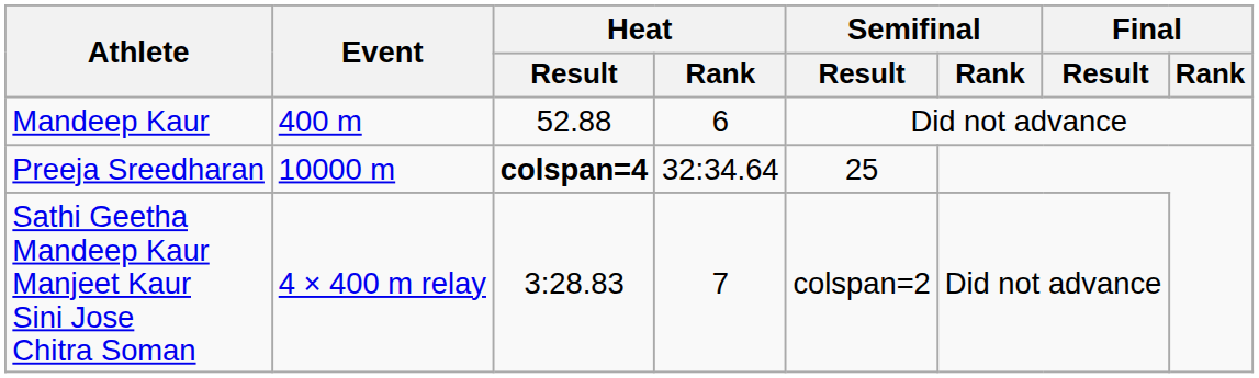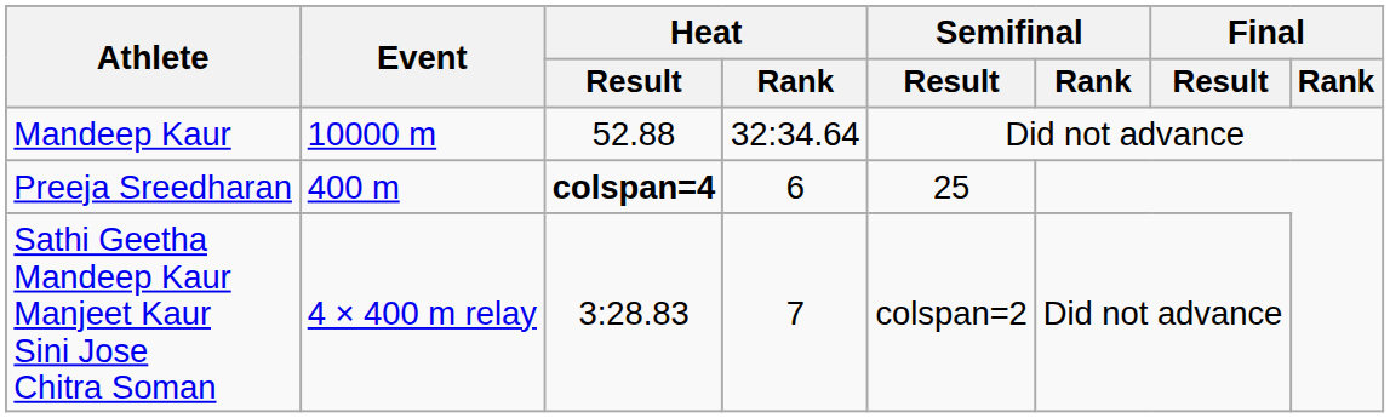 <table class=wikitable style="font-size:90%">
 <tr>
 <th rowspan="2">Athlete</th>
 <th rowspan="2">Event</th>
 <th colspan="2">Heat</th>
 <th colspan="2">Semifinal</th>
 <th colspan="2">Final</th>
 </tr>
 <tr style="font-size:95%">
 <th>Result</th>
 <th>Rank</th>
 <th>Result</th>
 <th>Rank</th>
 <th>Result</th>
 <th>Rank</th>
 </tr>
 <tr align=center>
 <td align=left><a href='#'>Mandeep Kaur</a></td>
-<td align=left><a href='#'>400 m</a></td>
+<td align=left><a href='#'>10000 m</a></td>
 <td>52.88</td>
-<td>6</td>
+<td>32:34.64</td>
 <td colspan=4>Did not advance</td>
 </tr>
 <tr align=center>
 <td align=left><a href='#'>Preeja Sreedharan</a></td>
-<td align=left><a href='#'>10000 m</a></td>
+<td align=left><a href='#'>400 m</a></td>
 <td><strong>colspan=4 </strong></td>
-<td>32:34.64</td>
+<td>6</td>
 <td>25</td>
 </tr>
 <tr align=center>
 <td align=left><a href='#'>Sathi Geetha</a><br><a href='#'>Mandeep Kaur</a><br><a href='#'>Manjeet Kaur</a><br><a href='#'>Sini Jose</a><br><a href='#'>Chitra Soman</a></td>
 <td align=left><a href='#'>4 × 400 m relay</a></td>
 <td>3:28.83</td>
 <td>7</td>
 <td>colspan=2 </td>
 <td colspan=2>Did not advance</td>
 </tr>
 </table>
